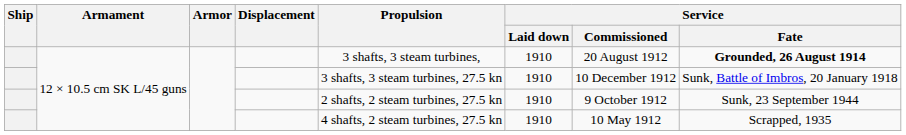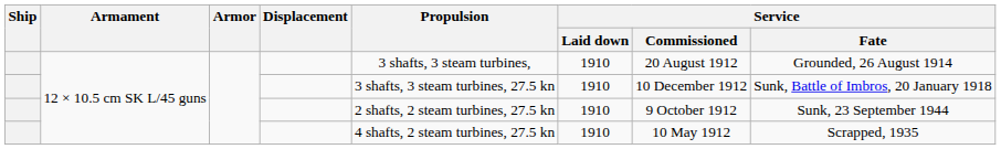 <table class="wikitable plainrowheaders" style="text-align: center;">
 <tr valign="top">
 <th scope="col" rowspan="2">Ship</th>
 <th scope="col" rowspan="2">Armament</th>
 <th scope="col" rowspan="2">Armor</th>
 <th scope="col" rowspan="2">Displacement</th>
 <th scope="col" rowspan="2">Propulsion</th>
 <th scope="col" colspan="3">Service</th>
 </tr>
 <tr valign="top">
 <th scope="col">Laid down</th>
 <th scope="col">Commissioned</th>
 <th scope="col">Fate</th>
 </tr>
 <tr valign="center">
 <th scope="row"></th>
 <td rowspan="4">12 × 10.5 cm SK L/45 guns</td>
 <td rowspan="4"></td>
 <td></td>
 <td>3 shafts, 3 steam turbines, </td>
 <td>1910</td>
 <td>20 August 1912</td>
-<td><strong>Grounded, 26 August 1914</strong></td>
+<td>Grounded, 26 August 1914</td>
 </tr>
 <tr valign="center">
 <th scope="row"></th>
 <td></td>
 <td>3 shafts, 3 steam turbines, 27.5 kn</td>
 <td>1910</td>
 <td>10 December 1912</td>
 <td>Sunk, <a href='#'>Battle of Imbros</a>, 20 January 1918</td>
 </tr>
 <tr valign="center">
 <th scope="row"></th>
 <td></td>
 <td>2 shafts, 2 steam turbines, 27.5 kn</td>
 <td>1910</td>
 <td>9 October 1912</td>
 <td>Sunk, 23 September 1944</td>
 </tr>
 <tr valign="center">
 <th scope="row"></th>
 <td></td>
 <td>4 shafts, 2 steam turbines, 27.5 kn</td>
 <td>1910</td>
 <td>10 May 1912</td>
 <td>Scrapped, 1935</td>
 </tr>
 </table>
